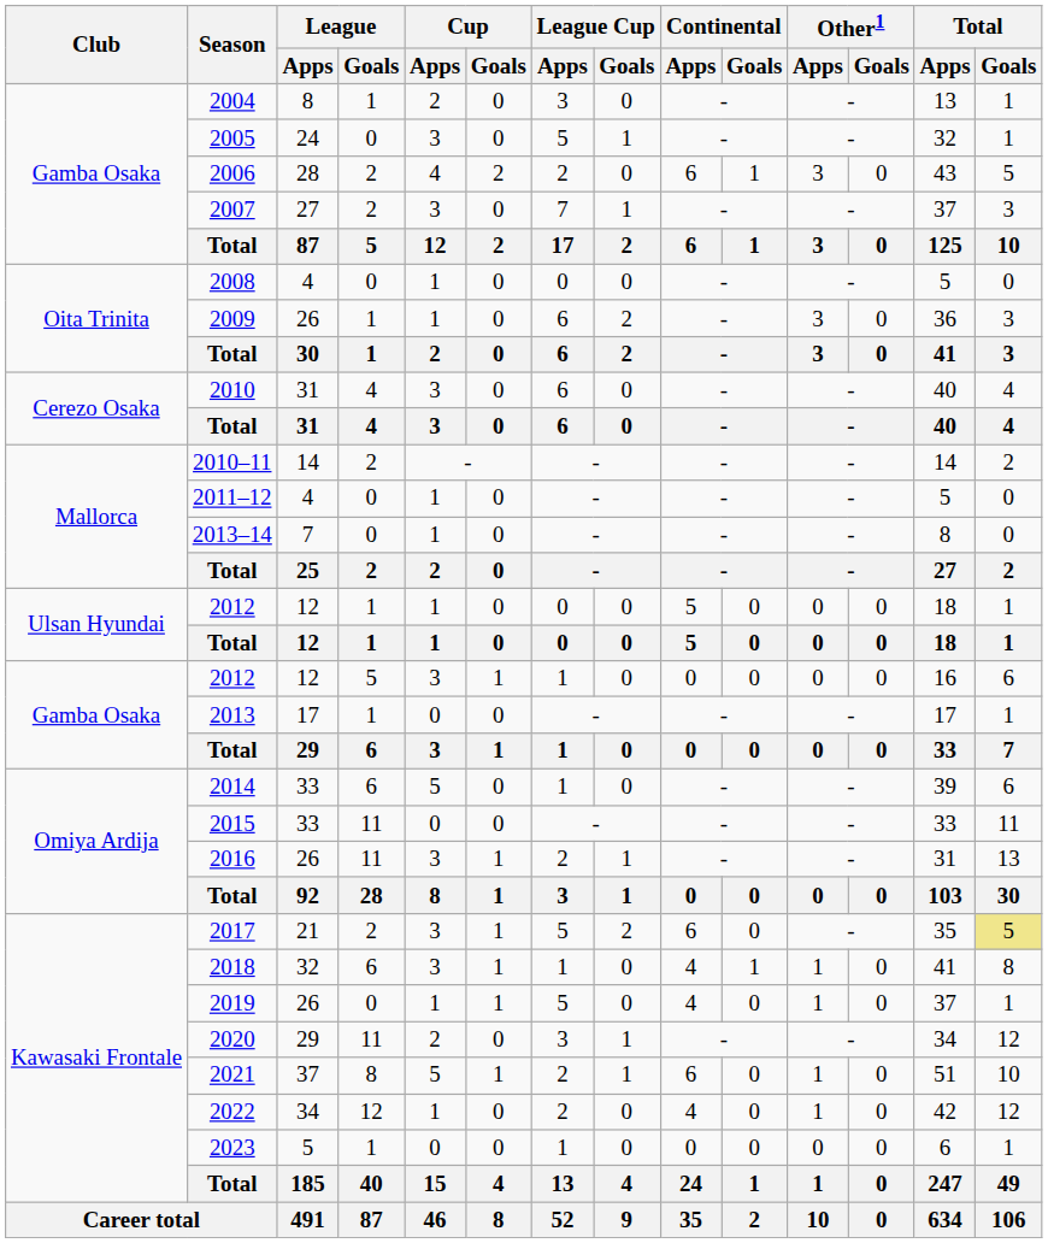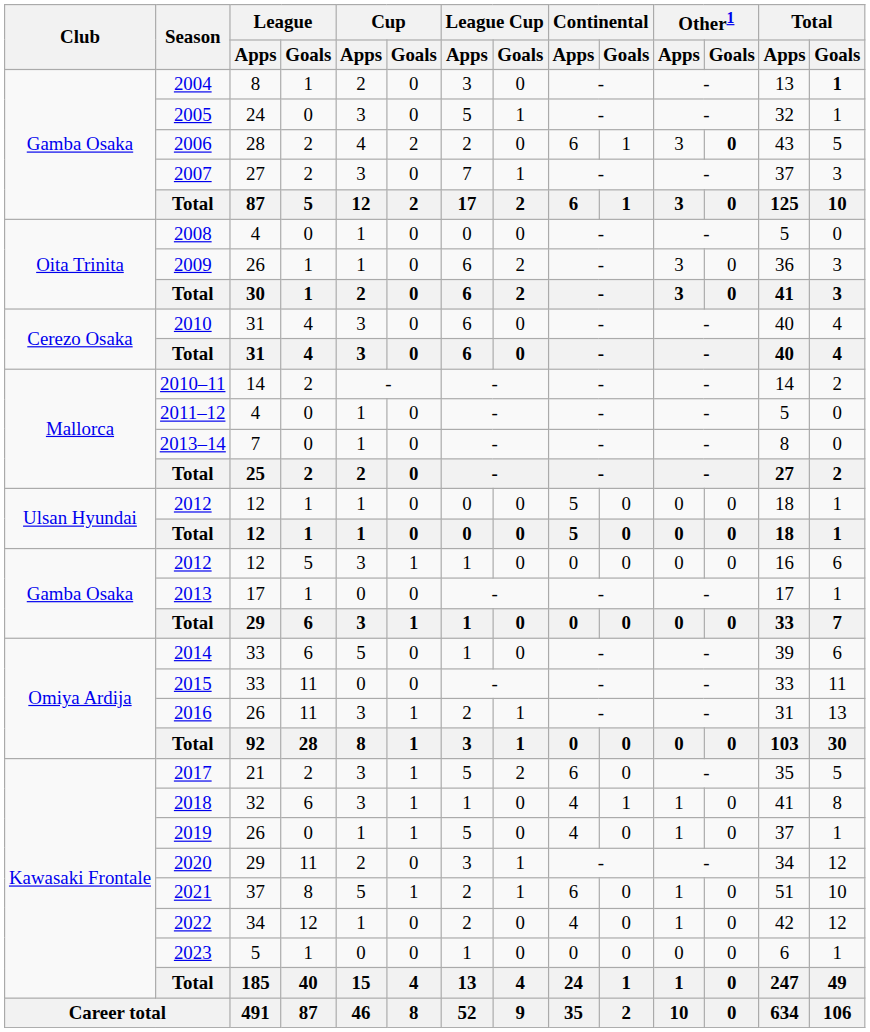 <table class="wikitable" style="text-align:center;">
 <tr>
 <th rowspan="2">Club</th>
 <th rowspan="2">Season</th>
 <th colspan="2">League</th>
 <th colspan="2">Cup</th>
 <th colspan="2">League Cup</th>
 <th colspan="2">Continental</th>
 <th colspan="2">Other<sup><a href='#'>1</a></sup></th>
 <th colspan="2">Total</th>
 </tr>
 <tr>
 <th>Apps</th>
 <th>Goals</th>
 <th>Apps</th>
 <th>Goals</th>
 <th>Apps</th>
 <th>Goals</th>
 <th>Apps</th>
 <th>Goals</th>
 <th>Apps</th>
 <th>Goals</th>
 <th>Apps</th>
 <th>Goals</th>
 </tr>
 <tr>
 <td rowspan="5"><a href='#'>Gamba Osaka</a></td>
 <td><a href='#'>2004</a></td>
 <td>8</td>
 <td>1</td>
 <td>2</td>
 <td>0</td>
 <td>3</td>
 <td>0</td>
 <td colspan="2">-</td>
 <td colspan="2">-</td>
 <td>13</td>
-<td>1</td>
+<td><strong>1</strong></td>
 </tr>
 <tr>
 <td><a href='#'>2005</a></td>
 <td>24</td>
 <td>0</td>
 <td>3</td>
 <td>0</td>
 <td>5</td>
 <td>1</td>
 <td colspan="2">-</td>
 <td colspan="2">-</td>
 <td>32</td>
 <td>1</td>
 </tr>
 <tr>
 <td><a href='#'>2006</a></td>
 <td>28</td>
 <td>2</td>
 <td>4</td>
 <td>2</td>
 <td>2</td>
 <td>0</td>
 <td>6</td>
 <td>1</td>
 <td>3</td>
-<td>0</td>
+<td><strong>0</strong></td>
 <td>43</td>
 <td>5</td>
 </tr>
 <tr>
 <td><a href='#'>2007</a></td>
 <td>27</td>
 <td>2</td>
 <td>3</td>
 <td>0</td>
 <td>7</td>
 <td>1</td>
 <td colspan="2">-</td>
 <td colspan="2">-</td>
 <td>37</td>
 <td>3</td>
 </tr>
 <tr>
 <th colspan="1">Total</th>
 <th>87</th>
 <th>5</th>
 <th>12</th>
 <th>2</th>
 <th>17</th>
 <th>2</th>
 <th>6</th>
 <th>1</th>
 <th>3</th>
 <th>0</th>
 <th>125</th>
 <th>10</th>
 </tr>
 <tr>
 <td rowspan="3"><a href='#'>Oita Trinita</a></td>
 <td><a href='#'>2008</a></td>
 <td>4</td>
 <td>0</td>
 <td>1</td>
 <td>0</td>
 <td>0</td>
 <td>0</td>
 <td colspan="2">-</td>
 <td colspan="2">-</td>
 <td>5</td>
 <td>0</td>
 </tr>
 <tr>
 <td><a href='#'>2009</a></td>
 <td>26</td>
 <td>1</td>
 <td>1</td>
 <td>0</td>
 <td>6</td>
 <td>2</td>
 <td colspan="2">-</td>
 <td>3</td>
 <td>0</td>
 <td>36</td>
 <td>3</td>
 </tr>
 <tr>
 <th colspan="1">Total</th>
 <th>30</th>
 <th>1</th>
 <th>2</th>
 <th>0</th>
 <th>6</th>
 <th>2</th>
 <th colspan="2">-</th>
 <th>3</th>
 <th>0</th>
 <th>41</th>
 <th>3</th>
 </tr>
 <tr>
 <td rowspan="2"><a href='#'>Cerezo Osaka</a></td>
 <td><a href='#'>2010</a></td>
 <td>31</td>
 <td>4</td>
 <td>3</td>
 <td>0</td>
 <td>6</td>
 <td>0</td>
 <td colspan="2">-</td>
 <td colspan="2">-</td>
 <td>40</td>
 <td>4</td>
 </tr>
 <tr>
 <th colspan="1">Total</th>
 <th>31</th>
 <th>4</th>
 <th>3</th>
 <th>0</th>
 <th>6</th>
 <th>0</th>
 <th colspan="2">-</th>
 <th colspan="2">-</th>
 <th>40</th>
 <th>4</th>
 </tr>
 <tr>
 <td rowspan="4"><a href='#'>Mallorca</a></td>
 <td><a href='#'>2010–11</a></td>
 <td>14</td>
 <td>2</td>
 <td colspan="2">-</td>
 <td colspan="2">-</td>
 <td colspan="2">-</td>
 <td colspan="2">-</td>
 <td>14</td>
 <td>2</td>
 </tr>
 <tr>
 <td><a href='#'>2011–12</a></td>
 <td>4</td>
 <td>0</td>
 <td>1</td>
 <td>0</td>
 <td colspan="2">-</td>
 <td colspan="2">-</td>
 <td colspan="2">-</td>
 <td>5</td>
 <td>0</td>
 </tr>
 <tr>
 <td><a href='#'>2013–14</a></td>
 <td>7</td>
 <td>0</td>
 <td>1</td>
 <td>0</td>
 <td colspan="2">-</td>
 <td colspan="2">-</td>
 <td colspan="2">-</td>
 <td>8</td>
 <td>0</td>
 </tr>
 <tr>
 <th colspan="1">Total</th>
 <th>25</th>
 <th>2</th>
 <th>2</th>
 <th>0</th>
 <th colspan="2">-</th>
 <th colspan="2">-</th>
 <th colspan="2">-</th>
 <th>27</th>
 <th>2</th>
 </tr>
 <tr>
 <td rowspan="2"><a href='#'>Ulsan Hyundai</a></td>
 <td><a href='#'>2012</a></td>
 <td>12</td>
 <td>1</td>
 <td>1</td>
 <td>0</td>
 <td>0</td>
 <td>0</td>
 <td>5</td>
 <td>0</td>
 <td>0</td>
 <td>0</td>
 <td>18</td>
 <td>1</td>
 </tr>
 <tr>
 <th colspan="1">Total</th>
 <th>12</th>
 <th>1</th>
 <th>1</th>
 <th>0</th>
 <th>0</th>
 <th>0</th>
 <th>5</th>
 <th>0</th>
 <th>0</th>
 <th>0</th>
 <th>18</th>
 <th>1</th>
 </tr>
 <tr>
 <td rowspan="3"><a href='#'>Gamba Osaka</a></td>
 <td><a href='#'>2012</a></td>
 <td>12</td>
 <td>5</td>
 <td>3</td>
 <td>1</td>
 <td>1</td>
 <td>0</td>
 <td>0</td>
 <td>0</td>
 <td>0</td>
 <td>0</td>
 <td>16</td>
 <td>6</td>
 </tr>
 <tr>
 <td><a href='#'>2013</a></td>
 <td>17</td>
 <td>1</td>
 <td>0</td>
 <td>0</td>
 <td colspan="2">-</td>
 <td colspan="2">-</td>
 <td colspan="2">-</td>
 <td>17</td>
 <td>1</td>
 </tr>
 <tr>
 <th colspan="1">Total</th>
 <th>29</th>
 <th>6</th>
 <th>3</th>
 <th>1</th>
 <th>1</th>
 <th>0</th>
 <th>0</th>
 <th>0</th>
 <th>0</th>
 <th>0</th>
 <th>33</th>
 <th>7</th>
 </tr>
 <tr>
 <td rowspan="4"><a href='#'>Omiya Ardija</a></td>
 <td><a href='#'>2014</a></td>
 <td>33</td>
 <td>6</td>
 <td>5</td>
 <td>0</td>
 <td>1</td>
 <td>0</td>
 <td colspan="2">-</td>
 <td colspan="2">-</td>
 <td>39</td>
 <td>6</td>
 </tr>
 <tr>
 <td><a href='#'>2015</a></td>
 <td>33</td>
 <td>11</td>
 <td>0</td>
 <td>0</td>
 <td colspan="2">-</td>
 <td colspan="2">-</td>
 <td colspan="2">-</td>
 <td>33</td>
 <td>11</td>
 </tr>
 <tr>
 <td><a href='#'>2016</a></td>
 <td>26</td>
 <td>11</td>
 <td>3</td>
 <td>1</td>
 <td>2</td>
 <td>1</td>
 <td colspan="2">-</td>
 <td colspan="2">-</td>
 <td>31</td>
 <td>13</td>
 </tr>
 <tr>
 <th colspan="1">Total</th>
 <th>92</th>
 <th>28</th>
 <th>8</th>
 <th>1</th>
 <th>3</th>
 <th>1</th>
 <th>0</th>
 <th>0</th>
 <th>0</th>
 <th>0</th>
 <th>103</th>
 <th>30</th>
 </tr>
 <tr>
 <td rowspan="8"><a href='#'>Kawasaki Frontale</a></td>
 <td><a href='#'>2017</a></td>
 <td>21</td>
 <td>2</td>
 <td>3</td>
 <td>1</td>
 <td>5</td>
 <td>2</td>
 <td>6</td>
 <td>0</td>
 <td colspan="2">-</td>
 <td>35</td>
-<td style="background: khaki;">5</td>
+<td>5</td>
 </tr>
 <tr>
 <td><a href='#'>2018</a></td>
 <td>32</td>
 <td>6</td>
 <td>3</td>
 <td>1</td>
 <td>1</td>
 <td>0</td>
 <td>4</td>
 <td>1</td>
 <td>1</td>
 <td>0</td>
 <td>41</td>
 <td>8</td>
 </tr>
 <tr>
 <td><a href='#'>2019</a></td>
 <td>26</td>
 <td>0</td>
 <td>1</td>
 <td>1</td>
 <td>5</td>
 <td>0</td>
 <td>4</td>
 <td>0</td>
 <td>1</td>
 <td>0</td>
 <td>37</td>
 <td>1</td>
 </tr>
 <tr>
 <td><a href='#'>2020</a></td>
 <td>29</td>
 <td>11</td>
 <td>2</td>
 <td>0</td>
 <td>3</td>
 <td>1</td>
 <td colspan="2">-</td>
 <td colspan="2">-</td>
 <td>34</td>
 <td>12</td>
 </tr>
 <tr>
 <td><a href='#'>2021</a></td>
 <td>37</td>
 <td>8</td>
 <td>5</td>
 <td>1</td>
 <td>2</td>
 <td>1</td>
 <td>6</td>
 <td>0</td>
 <td>1</td>
 <td>0</td>
 <td>51</td>
 <td>10</td>
 </tr>
 <tr>
 <td><a href='#'>2022</a></td>
 <td>34</td>
 <td>12</td>
 <td>1</td>
 <td>0</td>
 <td>2</td>
 <td>0</td>
 <td>4</td>
 <td>0</td>
 <td>1</td>
 <td>0</td>
 <td>42</td>
 <td>12</td>
 </tr>
 <tr>
 <td><a href='#'>2023</a></td>
 <td>5</td>
 <td>1</td>
 <td>0</td>
 <td>0</td>
 <td>1</td>
 <td>0</td>
 <td>0</td>
 <td>0</td>
 <td>0</td>
 <td>0</td>
 <td>6</td>
 <td>1</td>
 </tr>
 <tr>
 <th colspan="1">Total</th>
 <th>185</th>
 <th>40</th>
 <th>15</th>
 <th>4</th>
 <th>13</th>
 <th>4</th>
 <th>24</th>
 <th>1</th>
 <th>1</th>
 <th>0</th>
 <th>247</th>
 <th>49</th>
 </tr>
 <tr>
 <th colspan="2">Career total</th>
 <th>491</th>
 <th>87</th>
 <th>46</th>
 <th>8</th>
 <th>52</th>
 <th>9</th>
 <th>35</th>
 <th>2</th>
 <th>10</th>
 <th>0</th>
 <th>634</th>
 <th>106</th>
 </tr>
 </table>
